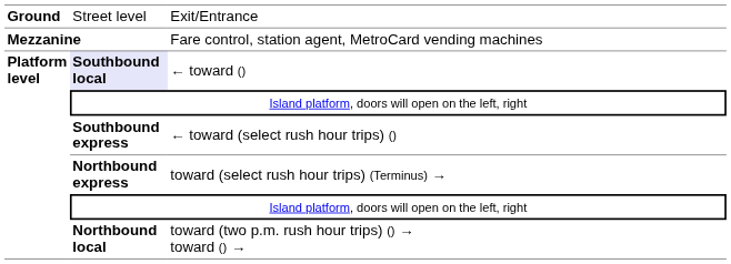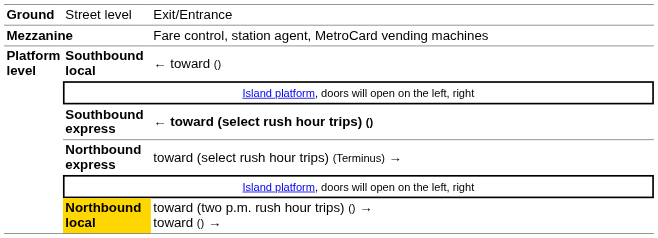 <table border="0" cellspacing="0" cellpadding="3" table>
 <tr>
 <td style="border-top:solid 1px gray;border-bottom:solid 1px gray;" width="50" valign="top"><strong>Ground</strong></td>
 <td style="border-top:solid 1px gray;border-bottom:solid 1px gray;" width="100" valign="top">Street level</td>
 <td style="border-top:solid 1px gray;border-bottom:solid 1px gray;" width="600" valign="top">Exit/Entrance</td>
 </tr>
 <tr>
 <td valign="top" colspan=2><strong>Mezzanine</strong></td>
 <td valign="top">Fare control, station agent, MetroCard vending machines</td>
 </tr>
 <tr>
 <td rowspan="6" style="border-top:solid 1px gray;border-bottom:solid 1px gray;" valign="top"><strong>Platform level</strong></td>
-<td style="background: lavender; border-top:solid 1px gray;" width="100"><strong>Southbound local</strong></td>
+<td style="border-top:solid 1px gray;" width="100"><strong>Southbound local</strong></td>
 <td style="border-top:solid 1px gray;" width="400">←   toward  <small>()</small></td>
 </tr>
 <tr>
 <td colspan="2" style="border-top:solid 2px black;border-right:solid 2px black;border-left:solid 2px black;border-bottom:solid 2px black;text-align:center;"><small><a href='#'>Island platform</a>, doors will open on the left, right</small></td>
 </tr>
 <tr>
 <td style="border-bottom:solid 1px gray;"><strong>Southbound express</strong></td>
-<td style="border-bottom:solid 1px gray;">←  toward  (select rush hour trips) <small>()</small></td>
+<td style="border-bottom:solid 1px gray;"><strong>←  toward  (select rush hour trips) <small>()</small></strong></td>
 </tr>
 <tr>
 <td><strong>Northbound express</strong></td>
 <td>  toward  (select rush hour trips) <small>(Terminus)</small> →</td>
 </tr>
 <tr>
 <td colspan="2" style="border-top:solid 2px black;border-right:solid 2px black;border-left:solid 2px black;border-bottom:solid 2px black;text-align:center;"><small><a href='#'>Island platform</a>, doors will open on the left, right</small></td>
 </tr>
 <tr>
-<td style="border-bottom:solid 1px gray;"><strong>Northbound local</strong></td>
+<td style="background: gold; border-bottom:solid 1px gray;"><strong>Northbound local</strong></td>
 <td style="border-bottom:solid 1px gray;">  toward  (two p.m. rush hour trips) <small>()</small> →<br>   toward  <small>()</small> →</td>
 </tr>
 </table>
